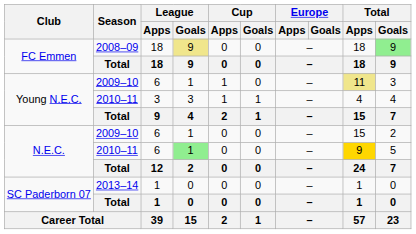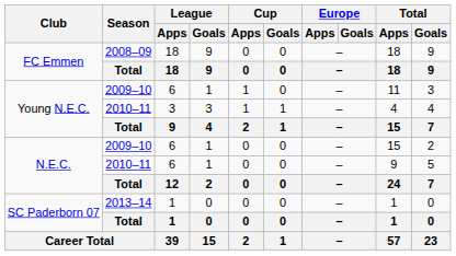 <table class="wikitable" style="text-align: center;">
 <tr>
 <th rowspan="2">Club</th>
 <th rowspan="2">Season</th>
 <th colspan="2">League</th>
 <th colspan="2">Cup</th>
 <th colspan="2"><a href='#'>Europe</a></th>
 <th colspan="2">Total</th>
 </tr>
 <tr>
 <th>Apps</th>
 <th>Goals</th>
 <th>Apps</th>
 <th>Goals</th>
 <th>Apps</th>
 <th>Goals</th>
 <th>Apps</th>
 <th>Goals</th>
 </tr>
 <tr>
 <td rowspan="2" valign="center"><a href='#'>FC Emmen</a></td>
 <td><a href='#'>2008–09</a></td>
 <td>18</td>
-<td style="background: khaki;">9</td>
+<td>9</td>
 <td>0</td>
 <td>0</td>
 <td colspan="2">–</td>
 <td>18</td>
-<td style="background: lightgreen;">9</td>
+<td>9</td>
 </tr>
 <tr>
 <th>Total</th>
 <th>18</th>
 <th>9</th>
 <th>0</th>
 <th>0</th>
 <th colspan="2">–</th>
 <th>18</th>
 <th>9</th>
 </tr>
 <tr>
 <td rowspan="3" valign="center">Young <a href='#'>N.E.C.</a></td>
 <td><a href='#'>2009–10</a></td>
 <td>6</td>
 <td>1</td>
 <td>1</td>
 <td>0</td>
 <td colspan="2">–</td>
-<td style="background: khaki;">11</td>
+<td>11</td>
 <td>3</td>
 </tr>
 <tr>
 <td><a href='#'>2010–11</a></td>
 <td>3</td>
 <td>3</td>
 <td>1</td>
 <td>1</td>
 <td colspan="2">–</td>
 <td>4</td>
 <td>4</td>
 </tr>
 <tr>
 <th>Total</th>
 <th>9</th>
 <th>4</th>
 <th>2</th>
 <th>1</th>
 <th colspan="2">–</th>
 <th>15</th>
 <th>7</th>
 </tr>
 <tr>
 <td rowspan="3" valign="center"><a href='#'>N.E.C.</a></td>
 <td><a href='#'>2009–10</a></td>
 <td>6</td>
 <td>1</td>
 <td>0</td>
 <td>0</td>
 <td colspan="2">–</td>
 <td>15</td>
 <td>2</td>
 </tr>
 <tr>
 <td><a href='#'>2010–11</a></td>
 <td>6</td>
-<td style="background: lightgreen;">1</td>
+<td>1</td>
 <td>0</td>
 <td>0</td>
 <td colspan="2">–</td>
-<td style="background: gold;">9</td>
+<td>9</td>
 <td>5</td>
 </tr>
 <tr>
 <th>Total</th>
 <th>12</th>
 <th>2</th>
 <th>0</th>
 <th>0</th>
 <th colspan="2">–</th>
 <th>24</th>
 <th>7</th>
 </tr>
 <tr>
 <td rowspan="2" valign="center"><a href='#'>SC Paderborn 07</a></td>
 <td><a href='#'>2013–14</a></td>
 <td>1</td>
 <td>0</td>
 <td>0</td>
 <td>0</td>
 <td colspan="2">–</td>
 <td>1</td>
 <td>0</td>
 </tr>
 <tr>
 <th>Total</th>
 <th>1</th>
 <th>0</th>
 <th>0</th>
 <th>0</th>
 <th colspan="2">–</th>
 <th>1</th>
 <th>0</th>
 </tr>
 <tr>
 <th colspan="2">Career Total</th>
 <th>39</th>
 <th>15</th>
 <th>2</th>
 <th>1</th>
 <th colspan="2">–</th>
 <th>57</th>
 <th>23</th>
 </tr>
 </table>
